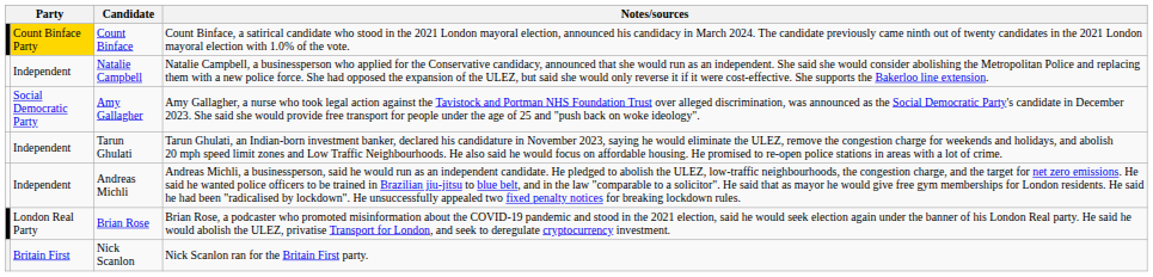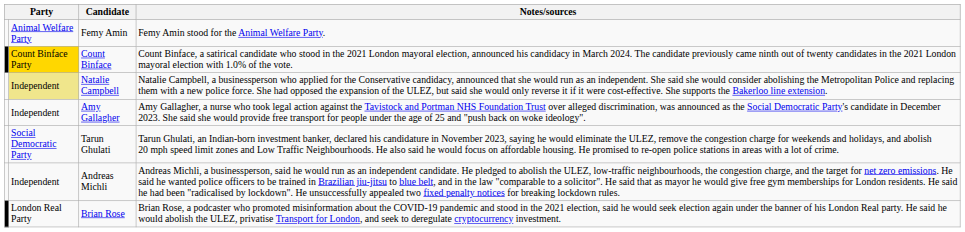 <table class ="wikitable">
 <tr style="background:#ccc;">
 <th colspan="2" scope="col" style="width:7px;">Party</th>
 <th scope="col">Candidate</th>
 <th scope="col">Notes/sources</th>
+</tr>
+<tr>
+<td style="background-color: "></td>
+<td><a href='#'>Animal Welfare Party</a></td>
+<td>Femy Amin</td>
+<td>Femy Amin stood for the <a href='#'>Animal Welfare Party</a>.</td>
 </tr>
 <tr>
 <td style="background-color: #000000"></td>
 <td style="background: gold;">Count Binface Party</td>
 <td><a href='#'>Count Binface</a></td>
 <td>Count Binface, a satirical candidate who stood in the 2021 London mayoral election, announced his candidacy in March 2024. The candidate previously came ninth out of twenty candidates in the 2021 London mayoral election with 1.0% of the vote.</td>
 </tr>
 <tr>
 <td></td>
-<td>Independent</td>
+<td style="background: khaki;">Independent</td>
 <td><a href='#'>Natalie Campbell</a></td>
 <td>Natalie Campbell, a businessperson who applied for the Conservative candidacy, announced that she would run as an independent. She said she would consider abolishing the Metropolitan Police and replacing them with a new police force. She had opposed the expansion of the ULEZ, but said she would only reverse it if it were cost-effective. She supports the <a href='#'>Bakerloo line extension</a>.</td>
 </tr>
 <tr>
 <td style="background-color: "></td>
-<td><a href='#'>Social Democratic Party</a></td>
+<td>Independent</td>
 <td><a href='#'>Amy Gallagher</a></td>
 <td>Amy Gallagher, a nurse who took legal action against the <a href='#'>Tavistock and Portman NHS Foundation Trust</a> over alleged discrimination, was announced as the <a href='#'>Social Democratic Party</a>'s candidate in December 2023. She said she would provide free transport for people under the age of 25 and "push back on woke ideology".</td>
 </tr>
 <tr>
 <td></td>
-<td>Independent</td>
+<td><a href='#'>Social Democratic Party</a></td>
 <td>Tarun Ghulati</td>
 <td>Tarun Ghulati, an Indian-born investment banker, declared his candidature in November 2023, saying he would eliminate the ULEZ, remove the congestion charge for weekends and holidays, and abolish 20 mph speed limit zones and Low Traffic Neighbourhoods. He also said he would focus on affordable housing. He promised to re-open police stations in areas with a lot of crime.</td>
 </tr>
 <tr>
 <td></td>
 <td>Independent</td>
 <td>Andreas Michli</td>
 <td>Andreas Michli, a businessperson, said he would run as an independent candidate. He pledged to abolish the ULEZ, low-traffic neighbourhoods, the congestion charge, and the target for <a href='#'>net zero emissions</a>. He said he wanted police officers to be trained in <a href='#'>Brazilian jiu-jitsu</a> to <a href='#'>blue belt</a>, and in the law "comparable to a solicitor". He said that as mayor he would give free gym memberships for London residents. He said he had been "radicalised by lockdown". He unsuccessfully appealed two <a href='#'>fixed penalty notices</a> for breaking lockdown rules.</td>
 </tr>
 <tr>
 <th style="background-color: #000000"></th>
 <td>London Real Party</td>
 <td><a href='#'>Brian Rose</a></td>
 <td>Brian Rose, a podcaster who promoted misinformation about the COVID-19 pandemic and stood in the 2021 election, said he would seek election again under the banner of his London Real party. He said he would abolish the ULEZ, privatise <a href='#'>Transport for London</a>, and seek to deregulate <a href='#'>cryptocurrency</a> investment.</td>
 </tr>
-<tr>
-<th style="background-color: "></th>
-<td><a href='#'>Britain First</a></td>
-<td>Nick Scanlon</td>
-<td>Nick Scanlon ran for the <a href='#'>Britain First</a> party.</td>
-</tr>
 </table>
